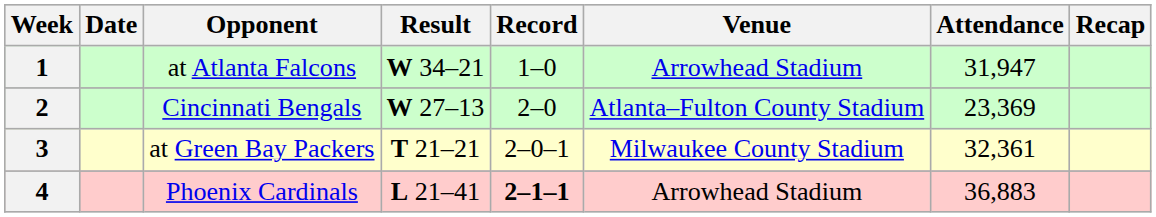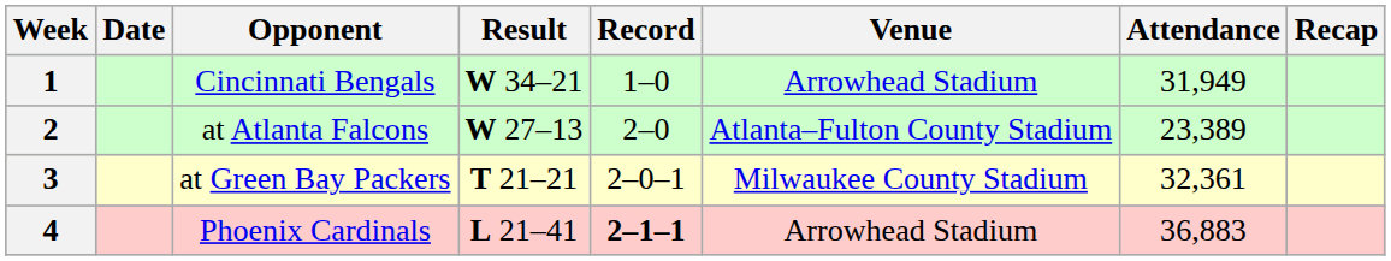 <table class="wikitable" style="text-align:center">
 <tr>
 <th>Week</th>
 <th>Date</th>
 <th>Opponent</th>
 <th>Result</th>
 <th>Record</th>
 <th>Venue</th>
 <th>Attendance</th>
 <th>Recap</th>
 </tr>
 <tr style="background:#cfc">
 <th>1</th>
 <td></td>
-<td>at <a href='#'>Atlanta Falcons</a></td>
+<td><a href='#'>Cincinnati Bengals</a></td>
 <td><strong>W</strong> 34–21</td>
 <td>1–0</td>
 <td><a href='#'>Arrowhead Stadium</a></td>
-<td>31,947</td>
+<td>31,949</td>
 <td></td>
 </tr>
 <tr style="background:#cfc">
 <th>2</th>
 <td></td>
-<td><a href='#'>Cincinnati Bengals</a></td>
+<td>at <a href='#'>Atlanta Falcons</a></td>
 <td><strong>W</strong> 27–13</td>
 <td>2–0</td>
 <td><a href='#'>Atlanta–Fulton County Stadium</a></td>
-<td>23,369</td>
+<td>23,389</td>
 <td></td>
 </tr>
 <tr style="background:#ffc">
 <th>3</th>
 <td></td>
 <td>at <a href='#'>Green Bay Packers</a></td>
 <td><strong>T</strong>  21–21 </td>
 <td>2–0–1</td>
 <td><a href='#'>Milwaukee County Stadium</a></td>
 <td>32,361</td>
 <td></td>
 </tr>
 <tr style="background:#fcc">
 <th>4</th>
 <td></td>
 <td><a href='#'>Phoenix Cardinals</a></td>
 <td><strong>L</strong> 21–41</td>
 <td><strong>2–1–1</strong></td>
 <td>Arrowhead Stadium</td>
 <td>36,883</td>
 <td></td>
 </tr>
 </table>
